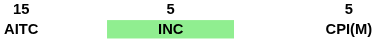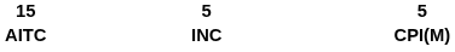 <table style="width:65%; text-align:center;">
 <tr>
 <td style="background:"><strong>15</strong></td>
 <td style="background:"><strong>5</strong></td>
 <td style="background:"><strong>5</strong></td>
 </tr>
 <tr>
 <td><span><strong>AITC</strong></span></td>
-<td style="background: lightgreen;"><span><strong>INC</strong></span></td>
+<td><span><strong>INC</strong></span></td>
 <td><span><strong>CPI(M)</strong></span></td>
 </tr>
 </table>
